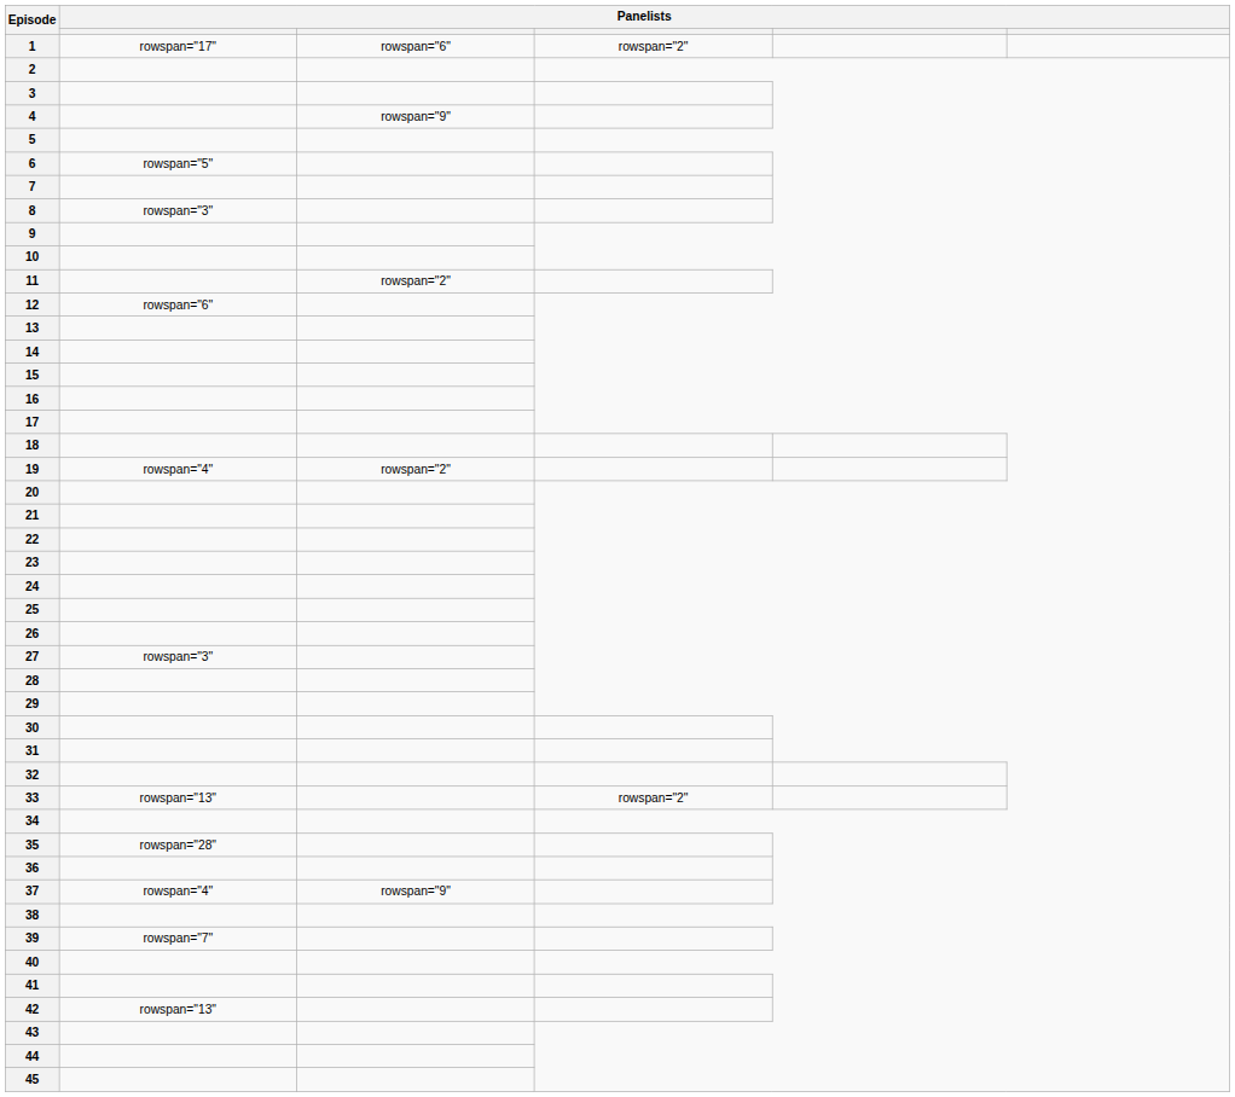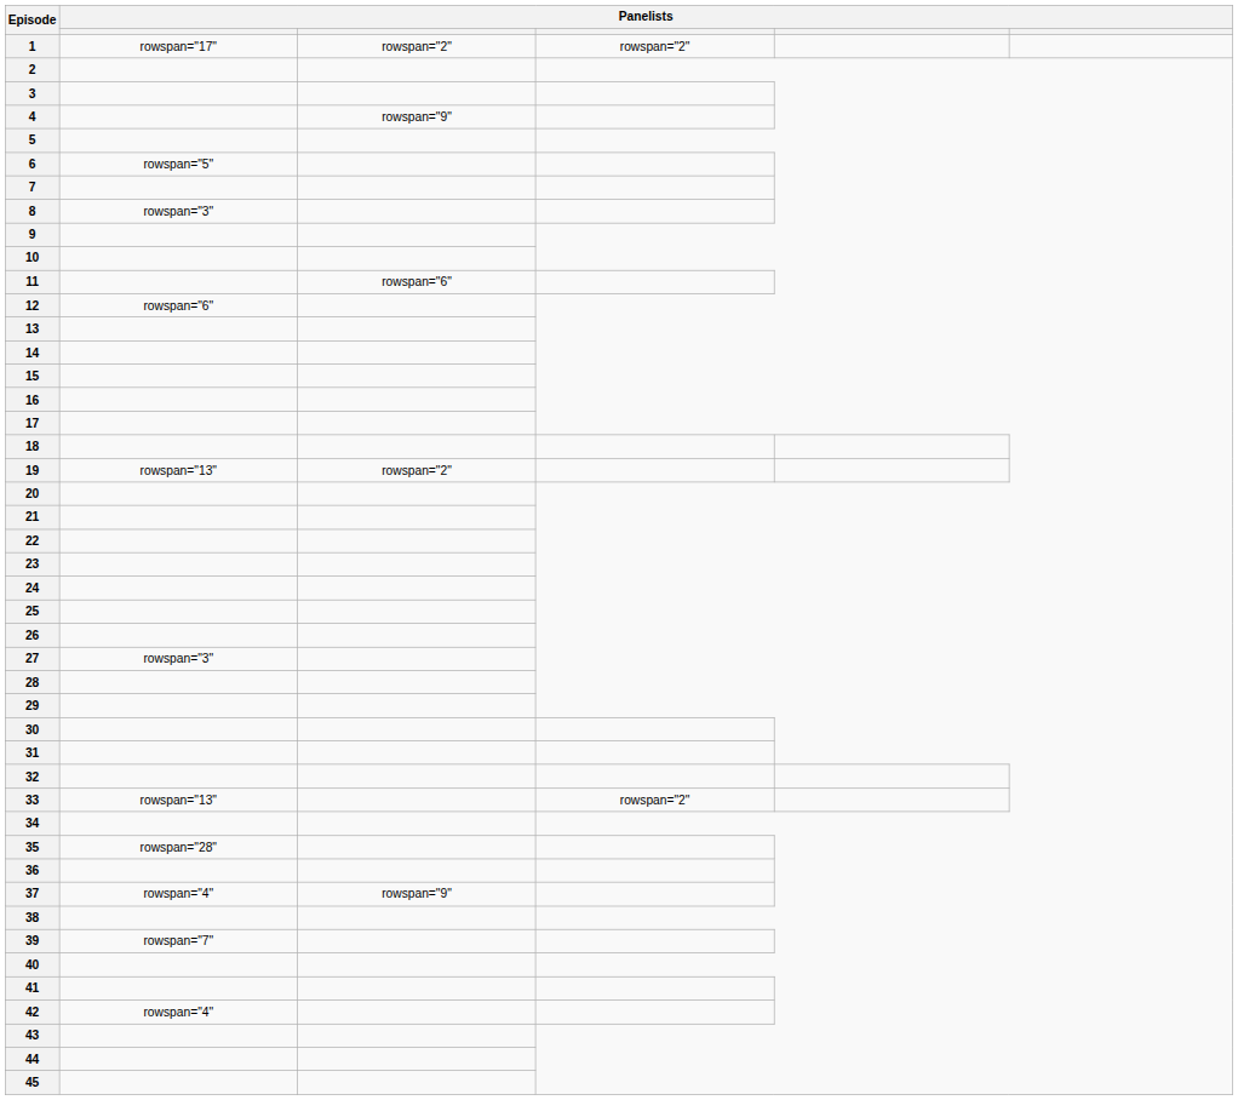 <table class="wikitable plainrowheaders mw-collapsible" style="text-align:center; line-height:23px; width:100%;">
 <tr>
 <th rowspan="2" width="1%">Episode</th>
 <th colspan="5">Panelists</th>
 </tr>
 <tr>
 <th width="20%"></th>
 <th width="20%"></th>
 <th width="20%"></th>
 <th width="20%"></th>
 <th width="20%"></th>
 </tr>
 <tr>
 <th>1</th>
 <td>rowspan="17" </td>
-<td>rowspan="6" </td>
+<td>rowspan="2" </td>
 <td>rowspan="2" </td>
 <td></td>
 <td></td>
 </tr>
 <tr>
 <th>2</th>
 <td></td>
 <td></td>
 </tr>
 <tr>
 <th>3</th>
 <td></td>
 <td></td>
 <td></td>
 </tr>
 <tr>
 <th>4</th>
 <td></td>
 <td>rowspan="9" </td>
 <td></td>
 </tr>
 <tr>
 <th>5</th>
 <td></td>
 <td></td>
 </tr>
 <tr>
 <th>6</th>
 <td>rowspan="5" </td>
 <td></td>
 <td></td>
 </tr>
 <tr>
 <th>7</th>
 <td></td>
 <td></td>
 <td></td>
 </tr>
 <tr>
 <th>8</th>
 <td>rowspan="3" </td>
 <td></td>
 <td></td>
 </tr>
 <tr>
 <th>9</th>
 <td></td>
 <td></td>
 </tr>
 <tr>
 <th>10</th>
 <td></td>
 <td></td>
 </tr>
 <tr>
 <th>11</th>
 <td></td>
-<td>rowspan="2" </td>
+<td>rowspan="6" </td>
 <td></td>
 </tr>
 <tr>
 <th>12</th>
 <td>rowspan="6" </td>
 <td></td>
 </tr>
 <tr>
 <th>13</th>
 <td></td>
 <td></td>
 </tr>
 <tr>
 <th>14</th>
 <td></td>
 <td></td>
 </tr>
 <tr>
 <th>15</th>
 <td></td>
 <td></td>
 </tr>
 <tr>
 <th>16</th>
 <td></td>
 <td></td>
 </tr>
 <tr>
 <th>17</th>
 <td></td>
 <td></td>
 </tr>
 <tr>
 <th>18</th>
 <td></td>
 <td></td>
 <td></td>
 <td></td>
 </tr>
 <tr>
 <th>19</th>
-<td>rowspan="4" </td>
+<td>rowspan="13" </td>
 <td>rowspan="2" </td>
 <td></td>
 <td></td>
 </tr>
 <tr>
 <th>20</th>
 <td></td>
 <td></td>
 </tr>
 <tr>
 <th>21</th>
 <td></td>
 <td></td>
 </tr>
 <tr>
 <th>22</th>
 <td></td>
 <td></td>
 </tr>
 <tr>
 <th>23</th>
 <td></td>
 <td></td>
 </tr>
 <tr>
 <th>24</th>
 <td></td>
 <td></td>
 </tr>
 <tr>
 <th>25</th>
 <td></td>
 <td></td>
 </tr>
 <tr>
 <th>26</th>
 <td></td>
 <td></td>
 </tr>
 <tr>
 <th>27</th>
 <td>rowspan="3" </td>
 <td></td>
 </tr>
 <tr>
 <th>28</th>
 <td></td>
 <td></td>
 </tr>
 <tr>
 <th>29</th>
 <td></td>
 <td></td>
 </tr>
 <tr>
 <th>30</th>
 <td></td>
 <td></td>
 <td></td>
 </tr>
 <tr>
 <th>31</th>
 <td></td>
 <td></td>
 <td></td>
 </tr>
 <tr>
 <th>32</th>
 <td></td>
 <td></td>
 <td></td>
 <td></td>
 </tr>
 <tr>
 <th>33</th>
 <td>rowspan="13" </td>
 <td></td>
 <td>rowspan="2" </td>
 <td></td>
 </tr>
 <tr>
 <th>34</th>
 <td></td>
 <td></td>
 </tr>
 <tr>
 <th>35</th>
 <td>rowspan="28" </td>
 <td></td>
 <td></td>
 </tr>
 <tr>
 <th>36</th>
 <td></td>
 <td></td>
 <td></td>
 </tr>
 <tr>
 <th>37</th>
 <td>rowspan="4" </td>
 <td>rowspan="9" </td>
 <td></td>
 </tr>
 <tr>
 <th>38</th>
 <td></td>
 <td></td>
 </tr>
 <tr>
 <th>39</th>
 <td>rowspan="7" </td>
 <td></td>
 <td></td>
 </tr>
 <tr>
 <th>40</th>
 <td></td>
 <td></td>
 </tr>
 <tr>
 <th>41</th>
 <td></td>
 <td></td>
 <td></td>
 </tr>
 <tr>
 <th>42</th>
-<td>rowspan="13" </td>
+<td>rowspan="4" </td>
 <td></td>
 <td></td>
 </tr>
 <tr>
 <th>43</th>
 <td></td>
 <td></td>
 </tr>
 <tr>
 <th>44</th>
 <td></td>
 <td></td>
 </tr>
 <tr>
 <th>45</th>
 <td></td>
 <td></td>
 </tr>
 </table>
